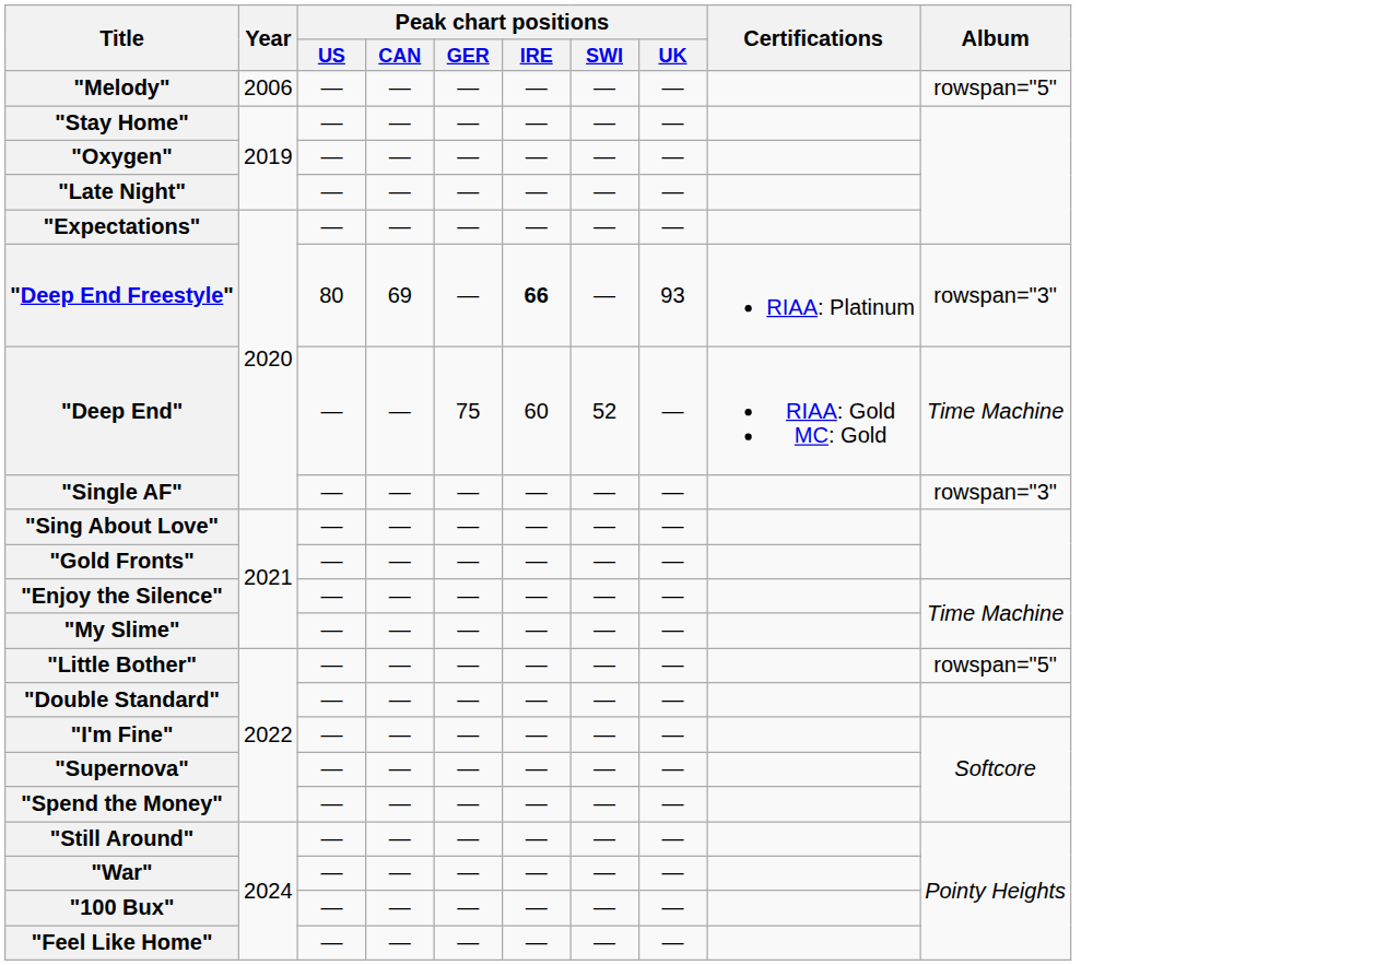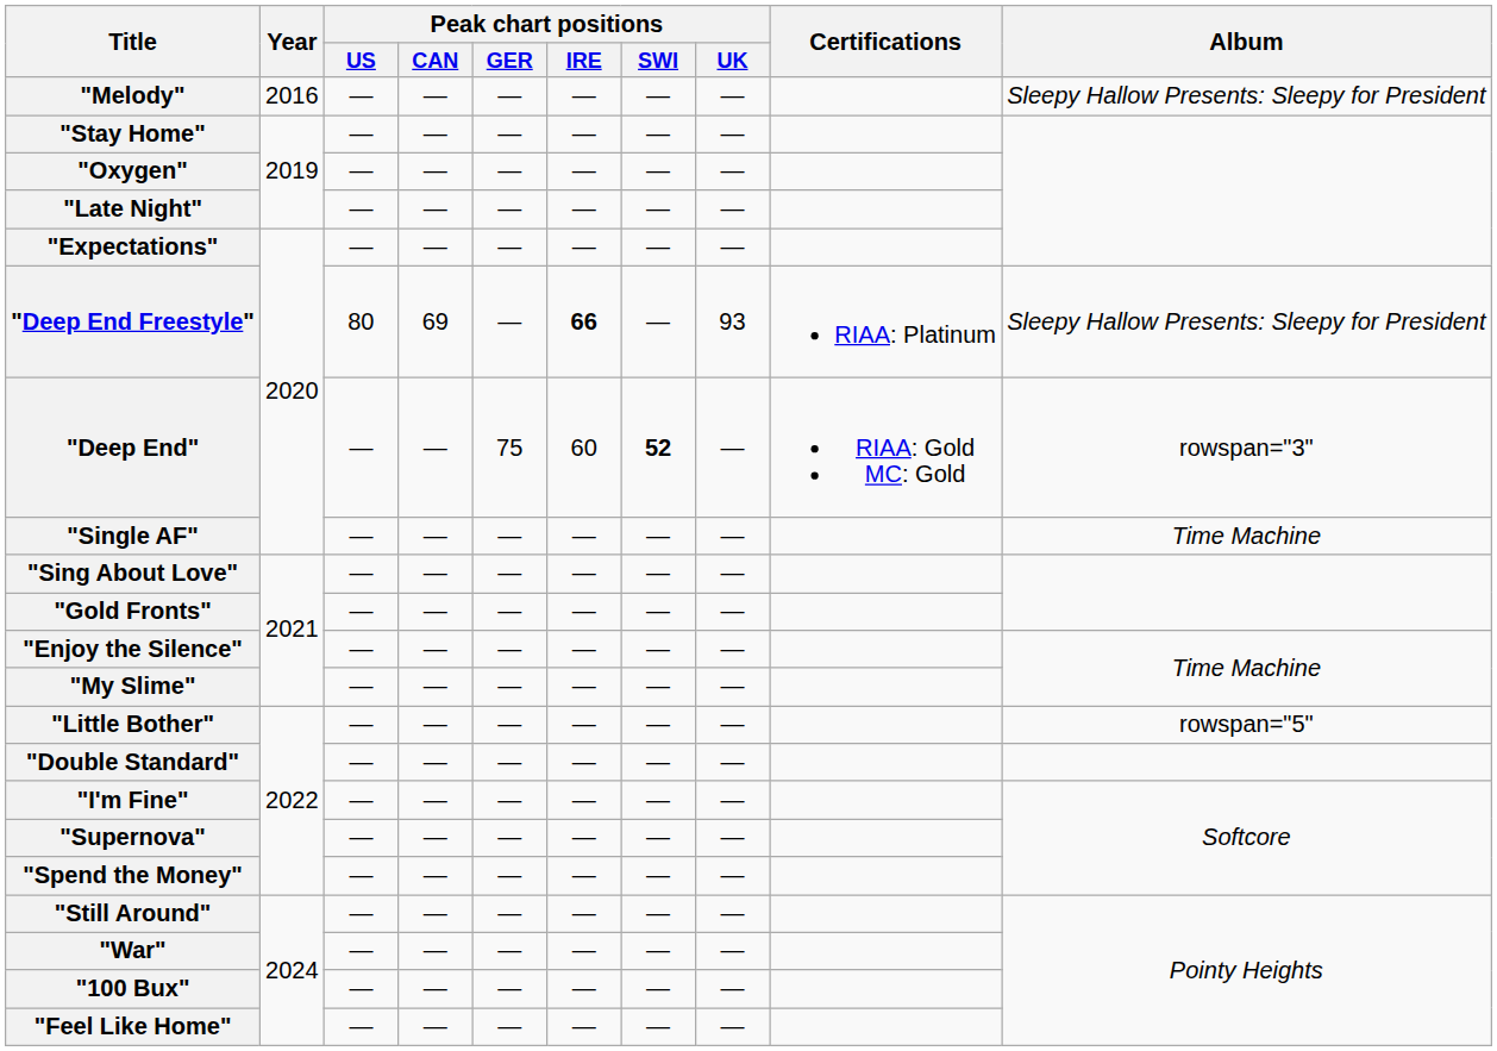 <table class="wikitable plainrowheaders" style="text-align:center">
 <tr>
 <th rowspan="2">Title</th>
 <th rowspan="2">Year</th>
 <th colspan="6">Peak chart positions</th>
 <th rowspan="2">Certifications</th>
 <th rowspan="2">Album</th>
 </tr>
 <tr>
 <th scope="col" style="width:3em;font-size:90%;"><a href='#'>US</a><br></th>
 <th scope="col" style="width:3em;font-size:90%;"><a href='#'>CAN</a><br></th>
 <th scope="col" style="width:3em;font-size:90%;"><a href='#'>GER</a><br></th>
 <th scope="col" style="width:3em;font-size:90%;"><a href='#'>IRE</a><br></th>
 <th scope="col" style="width:3em;font-size:90%;"><a href='#'>SWI</a><br></th>
 <th scope="col" style="width:3em;font-size:90%;"><a href='#'>UK</a><br></th>
 </tr>
 <tr>
 <th scope="row">"Melody"</th>
-<td>2006</td>
+<td>2016</td>
 <td>—</td>
 <td>—</td>
 <td>—</td>
 <td>—</td>
 <td>—</td>
 <td>—</td>
 <td></td>
-<td>rowspan="5" </td>
+<td><em>Sleepy Hallow Presents: Sleepy for President</em></td>
 </tr>
 <tr>
 <th scope="row">"Stay Home"</th>
 <td rowspan="3">2019</td>
 <td>—</td>
 <td>—</td>
 <td>—</td>
 <td>—</td>
 <td>—</td>
 <td>—</td>
 <td></td>
 </tr>
 <tr>
 <th scope="row">"Oxygen"</th>
 <td>—</td>
 <td>—</td>
 <td>—</td>
 <td>—</td>
 <td>—</td>
 <td>—</td>
 <td></td>
 </tr>
 <tr>
 <th scope="row">"Late Night"</th>
 <td>—</td>
 <td>—</td>
 <td>—</td>
 <td>—</td>
 <td>—</td>
 <td>—</td>
 <td></td>
 </tr>
 <tr>
 <th scope="row">"Expectations"</th>
 <td rowspan="4">2020</td>
 <td>—</td>
 <td>—</td>
 <td>—</td>
 <td>—</td>
 <td>—</td>
 <td>—</td>
 <td></td>
 </tr>
 <tr>
 <th scope="row">"<a href='#'>Deep End Freestyle</a>"<br></th>
 <td>80</td>
 <td>69</td>
 <td>—</td>
 <td><strong>66</strong></td>
 <td>—</td>
 <td>93</td>
 <td><br><ul><li><a href='#'>RIAA</a>: Platinum</li></ul></td>
-<td>rowspan="3" </td>
+<td><em>Sleepy Hallow Presents: Sleepy for President</em></td>
 </tr>
 <tr>
 <th scope="row">"Deep End"</th>
 <td>—</td>
 <td>—</td>
 <td>75</td>
 <td>60</td>
-<td>52</td>
+<td><strong>52</strong></td>
 <td>—</td>
 <td><br><ul><li><a href='#'>RIAA</a>: Gold</li><li><a href='#'>MC</a>: Gold</li></ul></td>
-<td><em>Time Machine</em></td>
+<td>rowspan="3" </td>
 </tr>
 <tr>
 <th scope="row">"Single AF"</th>
 <td>—</td>
 <td>—</td>
 <td>—</td>
 <td>—</td>
 <td>—</td>
 <td>—</td>
 <td></td>
-<td>rowspan="3" </td>
+<td><em>Time Machine</em></td>
 </tr>
 <tr>
 <th scope="row">"Sing About Love"</th>
 <td rowspan="4">2021</td>
 <td>—</td>
 <td>—</td>
 <td>—</td>
 <td>—</td>
 <td>—</td>
 <td>—</td>
 <td></td>
 </tr>
 <tr>
 <th scope="row">"Gold Fronts"<br></th>
 <td>—</td>
 <td>—</td>
 <td>—</td>
 <td>—</td>
 <td>—</td>
 <td>—</td>
 <td></td>
 </tr>
 <tr>
 <th scope="row">"Enjoy the Silence"</th>
 <td>—</td>
 <td>—</td>
 <td>—</td>
 <td>—</td>
 <td>—</td>
 <td>—</td>
 <td></td>
 <td rowspan="2"><em>Time Machine</em></td>
 </tr>
 <tr>
 <th scope="row">"My Slime"</th>
 <td>—</td>
 <td>—</td>
 <td>—</td>
 <td>—</td>
 <td>—</td>
 <td>—</td>
 <td></td>
 </tr>
 <tr>
 <th scope="row">"Little Bother"<br></th>
 <td rowspan="5">2022</td>
 <td>—</td>
 <td>—</td>
 <td>—</td>
 <td>—</td>
 <td>—</td>
 <td>—</td>
 <td></td>
 <td>rowspan="5" </td>
 </tr>
 <tr>
 <th scope="row">"Double Standard"</th>
 <td>—</td>
 <td>—</td>
 <td>—</td>
 <td>—</td>
 <td>—</td>
 <td>—</td>
 <td></td>
 <td></td>
 </tr>
 <tr>
 <th scope="row">"I'm Fine"</th>
 <td>—</td>
 <td>—</td>
 <td>—</td>
 <td>—</td>
 <td>—</td>
 <td>—</td>
 <td></td>
 <td rowspan="3"><em>Softcore</em></td>
 </tr>
 <tr>
 <th scope="row">"Supernova"</th>
 <td>—</td>
 <td>—</td>
 <td>—</td>
 <td>—</td>
 <td>—</td>
 <td>—</td>
 <td></td>
 </tr>
 <tr>
 <th scope="row">"Spend the Money"<br></th>
 <td>—</td>
 <td>—</td>
 <td>—</td>
 <td>—</td>
 <td>—</td>
 <td>—</td>
 <td></td>
 </tr>
 <tr>
 <th scope="row">"Still Around"</th>
 <td rowspan="4">2024</td>
 <td>—</td>
 <td>—</td>
 <td>—</td>
 <td>—</td>
 <td>—</td>
 <td>—</td>
 <td></td>
 <td rowspan="4"><em>Pointy Heights</em></td>
 </tr>
 <tr>
 <th scope="row">"War"</th>
 <td>—</td>
 <td>—</td>
 <td>—</td>
 <td>—</td>
 <td>—</td>
 <td>—</td>
 <td></td>
 </tr>
 <tr>
 <th scope="row">"100 Bux"</th>
 <td>—</td>
 <td>—</td>
 <td>—</td>
 <td>—</td>
 <td>—</td>
 <td>—</td>
 <td></td>
 </tr>
 <tr>
 <th scope="row">"Feel Like Home"</th>
 <td>—</td>
 <td>—</td>
 <td>—</td>
 <td>—</td>
 <td>—</td>
 <td>—</td>
 <td></td>
 </tr>
 </table>
